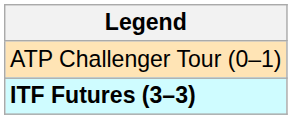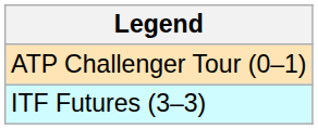 <table class=wikitable>
 <tr>
 <th>Legend</th>
 </tr>
 <tr style="background:moccasin;">
 <td>ATP Challenger Tour (0–1)</td>
 </tr>
 <tr style="background:#cffcff;">
-<td><strong>ITF Futures (3–3)</strong></td>
+<td>ITF Futures (3–3)</td>
 </tr>
 </table>
